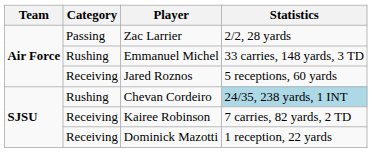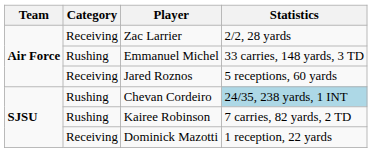 <table class="wikitable" style="float: right;">
 <tr>
 <th>Team</th>
 <th>Category</th>
 <th>Player</th>
 <th>Statistics</th>
 </tr>
 <tr>
 <td rowspan=3><strong>Air Force</strong></td>
-<td>Passing</td>
+<td>Receiving</td>
 <td>Zac Larrier</td>
 <td>2/2, 28 yards</td>
 </tr>
 <tr>
 <td>Rushing</td>
 <td>Emmanuel Michel</td>
 <td>33 carries, 148 yards, 3 TD</td>
 </tr>
 <tr>
 <td>Receiving</td>
 <td>Jared Roznos</td>
 <td>5 receptions, 60 yards</td>
 </tr>
 <tr>
 <td rowspan=3><strong>SJSU</strong></td>
 <td>Rushing</td>
 <td>Chevan Cordeiro</td>
 <td style="background: lightblue;">24/35, 238 yards, 1 INT</td>
 </tr>
 <tr>
-<td>Receiving</td>
+<td>Rushing</td>
 <td>Kairee Robinson</td>
 <td>7 carries, 82 yards, 2 TD</td>
 </tr>
 <tr>
 <td>Receiving</td>
 <td>Dominick Mazotti</td>
 <td>1 reception, 22 yards</td>
 </tr>
 </table>
